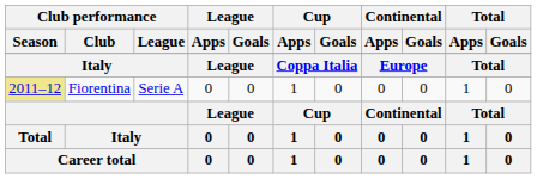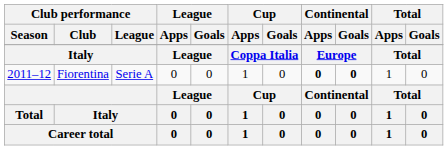 <table class="wikitable" style="text-align:center">
 <tr>
 <th colspan=3>Club performance</th>
 <th colspan=2>League</th>
 <th colspan=2>Cup</th>
 <th colspan=2>Continental</th>
 <th colspan=2>Total</th>
 </tr>
 <tr>
 <th>Season</th>
 <th>Club</th>
 <th>League</th>
 <th>Apps</th>
 <th>Goals</th>
 <th>Apps</th>
 <th>Goals</th>
 <th>Apps</th>
 <th>Goals</th>
 <th>Apps</th>
 <th>Goals</th>
 </tr>
 <tr>
 </tr>
 <tr>
 <th colspan=3>Italy</th>
 <th colspan=2>League</th>
 <th colspan=2><a href='#'>Coppa Italia</a></th>
 <th colspan=2><a href='#'>Europe</a></th>
 <th colspan=2>Total</th>
 </tr>
 <tr>
-<td style="background: khaki;"><a href='#'>2011–12</a></td>
+<td><a href='#'>2011–12</a></td>
 <td rowspan="1"><a href='#'>Fiorentina</a></td>
 <td rowspan="1"><a href='#'>Serie A</a></td>
 <td>0</td>
 <td>0</td>
 <td>1</td>
 <td>0</td>
-<td>0</td>
-<td>0</td>
+<td><strong>0</strong></td>
+<td><strong>0</strong></td>
 <td>1</td>
 <td>0</td>
 </tr>
 <tr>
 <th colspan=3></th>
 <th colspan=2>League</th>
 <th colspan=2>Cup</th>
 <th colspan=2>Continental</th>
 <th colspan=2>Total</th>
 </tr>
 <tr>
 <th rowspan=1>Total</th>
 <th colspan=2>Italy</th>
 <th>0</th>
 <th>0</th>
 <th>1</th>
 <th>0</th>
 <th>0</th>
 <th>0</th>
 <th>1</th>
 <th>0</th>
 </tr>
 <tr>
 <th colspan=3>Career total</th>
 <th>0</th>
 <th>0</th>
 <th>1</th>
 <th>0</th>
 <th>0</th>
 <th>0</th>
 <th>1</th>
 <th>0</th>
 </tr>
 </table>
